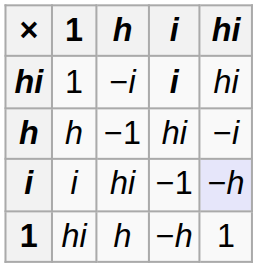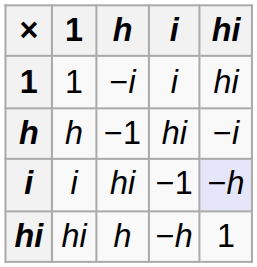 <table class="wikitable" align="right" style="text-align:center">
 <tr>
 <th width=15>×</th>
 <th width=15>1</th>
 <th width=15><em>h</em></th>
 <th width=15><em>i</em></th>
 <th width=15><em>hi</em></th>
 </tr>
 <tr>
-<th><em>hi</em></th>
+<th>1</th>
 <td>1</td>
 <td>−<em>i</em></td>
-<td><strong><em>i</em></strong></td>
+<td><em>i</em></td>
 <td><em>hi</em></td>
 </tr>
 <tr>
 <th><em>h</em></th>
 <td><em>h</em></td>
 <td>−1</td>
 <td><em>hi</em></td>
 <td>−<em>i</em></td>
 </tr>
 <tr>
 <th><em>i</em></th>
 <td><em>i</em></td>
 <td><em>hi</em></td>
 <td>−1</td>
 <td style="background: lavender;">−<em>h</em></td>
 </tr>
 <tr>
-<th>1</th>
+<th><em>hi</em></th>
 <td><em>hi</em></td>
 <td><em>h</em></td>
 <td>−<em>h</em></td>
 <td>1</td>
 </tr>
 </table>
